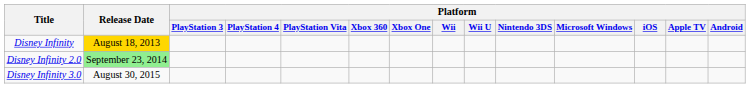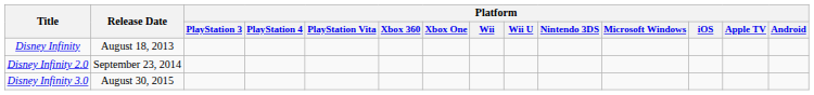 <table class="wikitable" style="text-align: center">
 <tr>
 <th rowspan="2">Title</th>
 <th rowspan="2">Release Date</th>
 <th colspan="12">Platform</th>
 </tr>
 <tr>
 <th style="width:3em;font-size:90%"><a href='#'>PlayStation&nbsp;3</a></th>
 <th style="width:3em;font-size:90%"><a href='#'>PlayStation&nbsp;4</a></th>
 <th style="width:3em;font-size:90%"><a href='#'>PlayStation&nbsp;Vita</a></th>
 <th style="width:3em;font-size:90%"><a href='#'>Xbox&nbsp;360</a></th>
 <th style="width:3em;font-size:90%"><a href='#'>Xbox&nbsp;One</a></th>
 <th style="width:3em;font-size:90%"><a href='#'>Wii</a></th>
 <th style="width:3em;font-size:90%"><a href='#'>Wii&nbsp;U</a></th>
 <th style="width:3em;font-size:90%"><a href='#'>Nintendo&nbsp;3DS</a></th>
 <th style="width:3em;font-size:90%"><a href='#'>Microsoft&nbsp;Windows</a></th>
 <th style="width:3em;font-size:90%"><a href='#'>iOS</a></th>
 <th style="width:3em;font-size:90%"><a href='#'>Apple&nbsp;TV</a></th>
 <th style="width:3em;font-size:90%"><a href='#'>Android</a></th>
 </tr>
 <tr>
 <td><em><a href='#'>Disney Infinity</a></em></td>
-<td style="background: gold;">August 18, 2013</td>
+<td>August 18, 2013</td>
 <td></td>
 <td></td>
 <td></td>
 <td></td>
 <td></td>
 <td></td>
 <td></td>
 <td></td>
 <td></td>
 <td></td>
 <td></td>
 <td></td>
 </tr>
 <tr>
 <td><em><a href='#'>Disney Infinity 2.0</a></em></td>
-<td style="background: lightgreen;">September 23, 2014</td>
+<td>September 23, 2014</td>
 <td></td>
 <td></td>
 <td></td>
 <td></td>
 <td></td>
 <td></td>
 <td></td>
 <td></td>
 <td></td>
 <td></td>
 <td></td>
 <td></td>
 </tr>
 <tr>
 <td><em><a href='#'>Disney Infinity 3.0</a></em></td>
 <td>August 30, 2015</td>
 <td></td>
 <td></td>
 <td></td>
 <td></td>
 <td></td>
 <td></td>
 <td></td>
 <td></td>
 <td></td>
 <td></td>
 <td></td>
 <td></td>
 </tr>
 </table>
